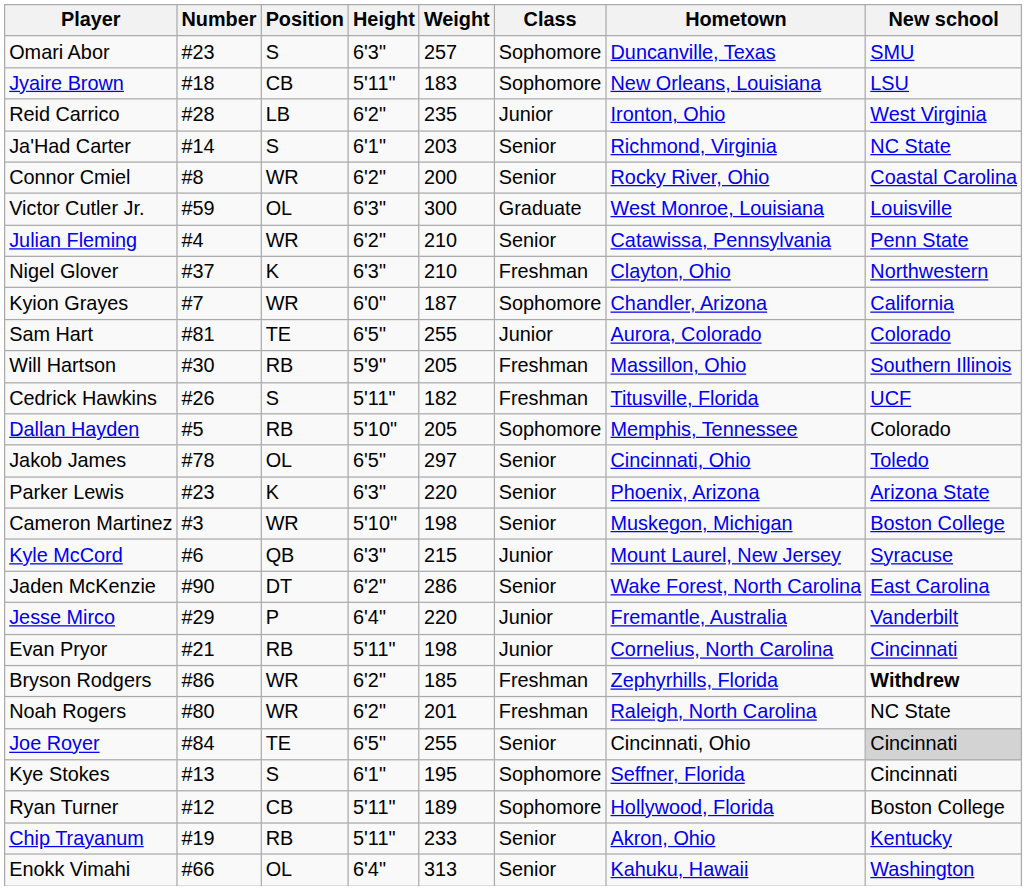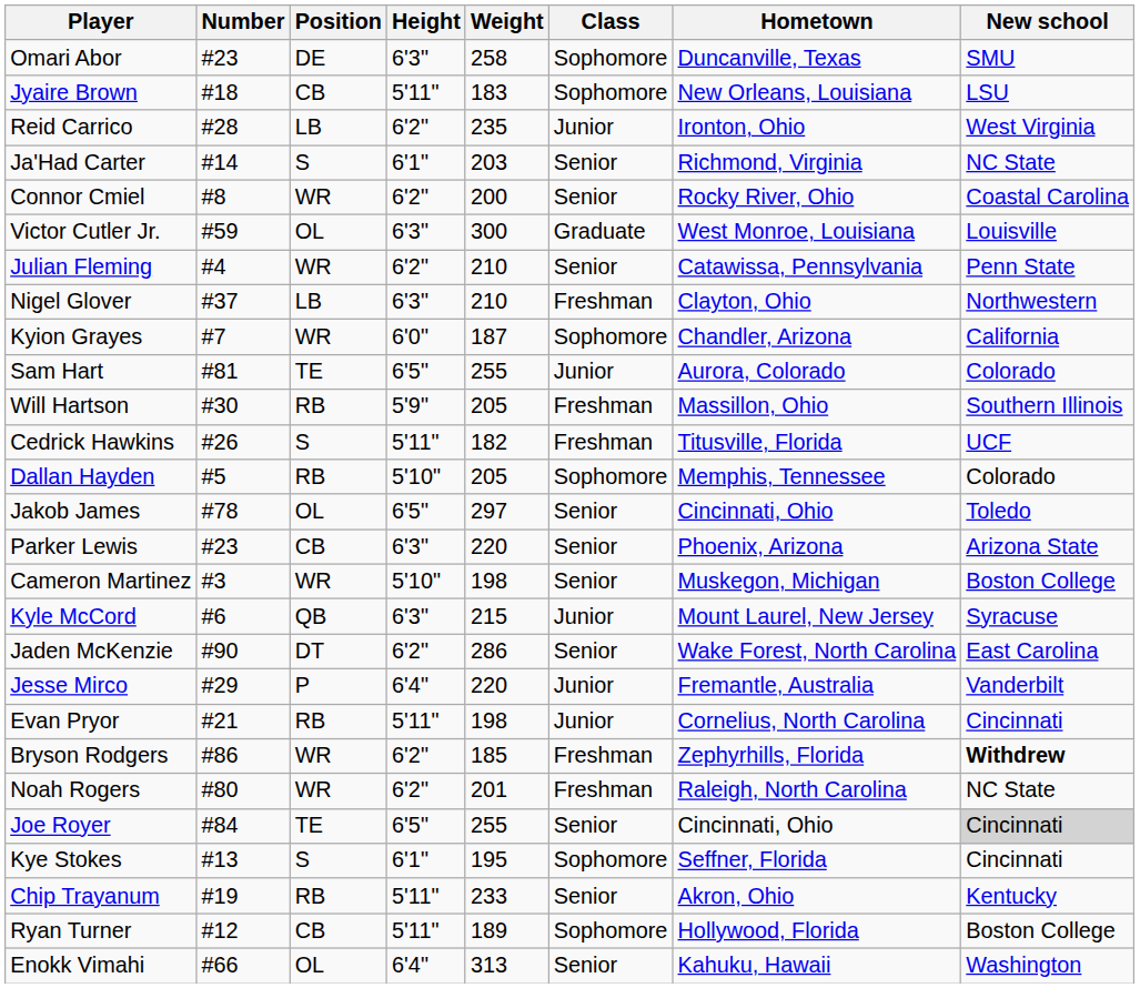 <table class="wikitable sortable">
 <tr>
 <th style="text-align:center;">Player</th>
 <th style="text-align:center;">Number</th>
 <th style="text-align:center;">Position</th>
 <th style="text-align:center;">Height</th>
 <th style="text-align:center;">Weight</th>
 <th style="text-align:center;">Class</th>
 <th style="text-align:center;">Hometown</th>
 <th style="text-align:center;">New school</th>
 </tr>
 <tr>
 <td>Omari Abor</td>
 <td>#23</td>
-<td>S</td>
+<td>DE</td>
 <td>6'3"</td>
-<td>257</td>
+<td>258</td>
 <td>Sophomore</td>
 <td><a href='#'>Duncanville, Texas</a></td>
 <td><a href='#'>SMU</a></td>
 </tr>
 <tr>
 <td><a href='#'>Jyaire Brown</a></td>
 <td>#18</td>
 <td>CB</td>
 <td>5'11"</td>
 <td>183</td>
 <td>Sophomore</td>
 <td><a href='#'>New Orleans, Louisiana</a></td>
 <td><a href='#'>LSU</a></td>
 </tr>
 <tr>
 <td>Reid Carrico</td>
 <td>#28</td>
 <td>LB</td>
 <td>6'2"</td>
 <td>235</td>
 <td>Junior</td>
 <td><a href='#'>Ironton, Ohio</a></td>
 <td><a href='#'>West Virginia</a></td>
 </tr>
 <tr>
 <td>Ja'Had Carter</td>
 <td>#14</td>
 <td>S</td>
 <td>6'1"</td>
 <td>203</td>
 <td>Senior</td>
 <td><a href='#'>Richmond, Virginia</a></td>
 <td><a href='#'>NC State</a></td>
 </tr>
 <tr>
 <td>Connor Cmiel</td>
 <td>#8</td>
 <td>WR</td>
 <td>6'2"</td>
 <td>200</td>
 <td>Senior</td>
 <td><a href='#'>Rocky River, Ohio</a></td>
 <td><a href='#'>Coastal Carolina</a></td>
 </tr>
 <tr>
 <td>Victor Cutler Jr.</td>
 <td>#59</td>
 <td>OL</td>
 <td>6'3"</td>
 <td>300</td>
 <td>Graduate</td>
 <td><a href='#'>West Monroe, Louisiana</a></td>
 <td><a href='#'>Louisville</a></td>
 </tr>
 <tr>
 <td><a href='#'>Julian Fleming</a></td>
 <td>#4</td>
 <td>WR</td>
 <td>6'2"</td>
 <td>210</td>
 <td>Senior</td>
 <td><a href='#'>Catawissa, Pennsylvania</a></td>
 <td><a href='#'>Penn State</a></td>
 </tr>
 <tr>
 <td>Nigel Glover</td>
 <td>#37</td>
-<td>K</td>
+<td>LB</td>
 <td>6'3"</td>
 <td>210</td>
 <td>Freshman</td>
 <td><a href='#'>Clayton, Ohio</a></td>
 <td><a href='#'>Northwestern</a></td>
 </tr>
 <tr>
 <td>Kyion Grayes</td>
 <td>#7</td>
 <td>WR</td>
 <td>6'0"</td>
 <td>187</td>
 <td>Sophomore</td>
 <td><a href='#'>Chandler, Arizona</a></td>
 <td><a href='#'>California</a></td>
 </tr>
 <tr>
 <td>Sam Hart</td>
 <td>#81</td>
 <td>TE</td>
 <td>6'5"</td>
 <td>255</td>
 <td>Junior</td>
 <td><a href='#'>Aurora, Colorado</a></td>
 <td><a href='#'>Colorado</a></td>
 </tr>
 <tr>
 <td>Will Hartson</td>
 <td>#30</td>
 <td>RB</td>
 <td>5'9"</td>
 <td>205</td>
 <td>Freshman</td>
 <td><a href='#'>Massillon, Ohio</a></td>
 <td><a href='#'>Southern Illinois</a></td>
 </tr>
 <tr>
 <td>Cedrick Hawkins</td>
 <td>#26</td>
 <td>S</td>
 <td>5'11"</td>
 <td>182</td>
 <td>Freshman</td>
 <td><a href='#'>Titusville, Florida</a></td>
 <td><a href='#'>UCF</a></td>
 </tr>
 <tr>
 <td><a href='#'>Dallan Hayden</a></td>
 <td>#5</td>
 <td>RB</td>
 <td>5'10"</td>
 <td>205</td>
 <td>Sophomore</td>
 <td><a href='#'>Memphis, Tennessee</a></td>
 <td>Colorado</td>
 </tr>
 <tr>
 <td>Jakob James</td>
 <td>#78</td>
 <td>OL</td>
 <td>6'5"</td>
 <td>297</td>
 <td>Senior</td>
 <td><a href='#'>Cincinnati, Ohio</a></td>
 <td><a href='#'>Toledo</a></td>
 </tr>
 <tr>
 <td>Parker Lewis</td>
 <td>#23</td>
-<td>K</td>
+<td>CB</td>
 <td>6'3"</td>
 <td>220</td>
 <td>Senior</td>
 <td><a href='#'>Phoenix, Arizona</a></td>
 <td><a href='#'>Arizona State</a></td>
 </tr>
 <tr>
 <td>Cameron Martinez</td>
 <td>#3</td>
 <td>WR</td>
 <td>5'10"</td>
 <td>198</td>
 <td>Senior</td>
 <td><a href='#'>Muskegon, Michigan</a></td>
 <td><a href='#'>Boston College</a></td>
 </tr>
 <tr>
 <td><a href='#'>Kyle McCord</a></td>
 <td>#6</td>
 <td>QB</td>
 <td>6'3"</td>
 <td>215</td>
 <td>Junior</td>
 <td><a href='#'>Mount Laurel, New Jersey</a></td>
 <td><a href='#'>Syracuse</a></td>
 </tr>
 <tr>
 <td>Jaden McKenzie</td>
 <td>#90</td>
 <td>DT</td>
 <td>6'2"</td>
 <td>286</td>
 <td>Senior</td>
 <td><a href='#'>Wake Forest, North Carolina</a></td>
 <td><a href='#'>East Carolina</a></td>
 </tr>
 <tr>
 <td><a href='#'>Jesse Mirco</a></td>
 <td>#29</td>
 <td>P</td>
 <td>6'4"</td>
 <td>220</td>
 <td>Junior</td>
 <td><a href='#'>Fremantle, Australia</a></td>
 <td><a href='#'>Vanderbilt</a></td>
 </tr>
 <tr>
 <td>Evan Pryor</td>
 <td>#21</td>
 <td>RB</td>
 <td>5'11"</td>
 <td>198</td>
 <td>Junior</td>
 <td><a href='#'>Cornelius, North Carolina</a></td>
 <td><a href='#'>Cincinnati</a></td>
 </tr>
 <tr>
 <td>Bryson Rodgers</td>
 <td>#86</td>
 <td>WR</td>
 <td>6'2"</td>
 <td>185</td>
 <td>Freshman</td>
 <td><a href='#'>Zephyrhills, Florida</a></td>
 <td><strong>Withdrew</strong></td>
 </tr>
 <tr>
 <td>Noah Rogers</td>
 <td>#80</td>
 <td>WR</td>
 <td>6'2"</td>
 <td>201</td>
 <td>Freshman</td>
 <td><a href='#'>Raleigh, North Carolina</a></td>
 <td>NC State</td>
 </tr>
 <tr>
 <td><a href='#'>Joe Royer</a></td>
 <td>#84</td>
 <td>TE</td>
 <td>6'5"</td>
 <td>255</td>
 <td>Senior</td>
 <td>Cincinnati, Ohio</td>
 <td style="background: lightgrey;">Cincinnati</td>
 </tr>
 <tr>
 <td>Kye Stokes</td>
 <td>#13</td>
 <td>S</td>
 <td>6'1"</td>
 <td>195</td>
 <td>Sophomore</td>
 <td><a href='#'>Seffner, Florida</a></td>
 <td>Cincinnati</td>
 </tr>
 <tr>
+<td><a href='#'>Chip Trayanum</a></td>
+<td>#19</td>
+<td>RB</td>
+<td>5'11"</td>
+<td>233</td>
+<td>Senior</td>
+<td><a href='#'>Akron, Ohio</a></td>
+<td><a href='#'>Kentucky</a></td>
+</tr>
+<tr>
 <td>Ryan Turner</td>
 <td>#12</td>
 <td>CB</td>
 <td>5'11"</td>
 <td>189</td>
 <td>Sophomore</td>
 <td><a href='#'>Hollywood, Florida</a></td>
 <td>Boston College</td>
-</tr>
-<tr>
-<td><a href='#'>Chip Trayanum</a></td>
-<td>#19</td>
-<td>RB</td>
-<td>5'11"</td>
-<td>233</td>
-<td>Senior</td>
-<td><a href='#'>Akron, Ohio</a></td>
-<td><a href='#'>Kentucky</a></td>
 </tr>
 <tr>
 <td>Enokk Vimahi</td>
 <td>#66</td>
 <td>OL</td>
 <td>6'4"</td>
 <td>313</td>
 <td>Senior</td>
 <td><a href='#'>Kahuku, Hawaii</a></td>
 <td><a href='#'>Washington</a></td>
 </tr>
 </table>
